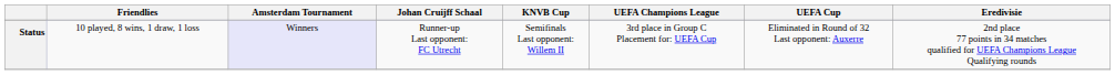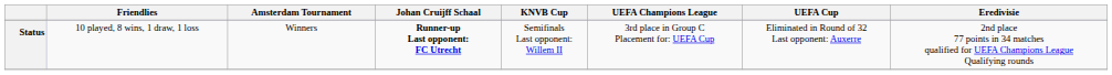 <table class="wikitable" style="width:100%; font-size:85%;">
 <tr>
 <th></th>
 <th style="border-bottom:1px solid #B5B7CF;">Friendlies</th>
 <th style="border-bottom:1px solid #B5B7CF;">Amsterdam Tournament</th>
 <th style="border-bottom:1px solid #B5B7CF;">Johan Cruijff Schaal</th>
 <th style="border-bottom:1px solid #B5B7CF;">KNVB Cup</th>
 <th style="border-bottom:1px solid #B5B7CF;">UEFA Champions League</th>
 <th style="border-bottom:1px solid #B5B7CF;">UEFA Cup</th>
 <th style="border-bottom:1px solid #B5B7CF;">Eredivisie</th>
 </tr>
 <tr>
 </tr>
 <tr style="font-size:100%;" valign="top">
 <th style="border-right:1px solid #B5B7CF;text-align:right;padding-top:10px;">Status</th>
 <td align=center>10 played, 8 wins, 1 draw, 1 loss</td>
-<td align=center style="background: lavender;">Winners</td>
-<td align=center>Runner-up<br>Last opponent: <br><a href='#'>FC Utrecht</a></td>
+<td align=center>Winners</td>
+<td align=center><strong>Runner-up<br>Last opponent: <br><a href='#'>FC Utrecht</a></strong></td>
 <td align=center>Semifinals<br>Last opponent:<br> <a href='#'>Willem II</a></td>
 <td align=center>3rd place in Group C<br>Placement for: <a href='#'>UEFA Cup</a></td>
 <td align=center>Eliminated in Round of 32<br>Last opponent: <a href='#'>Auxerre</a></td>
 <td align=center>2nd place<br>77 points in 34 matches<br>qualified for <a href='#'>UEFA Champions League</a><br> Qualifying rounds</td>
 </tr>
 <tr>
 </tr>
 </table>
